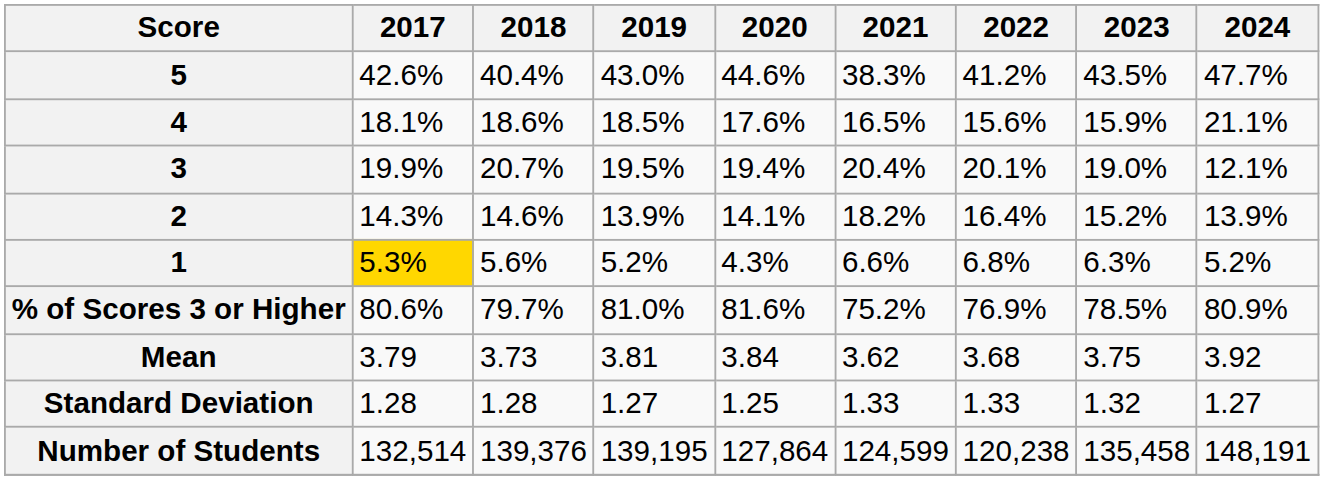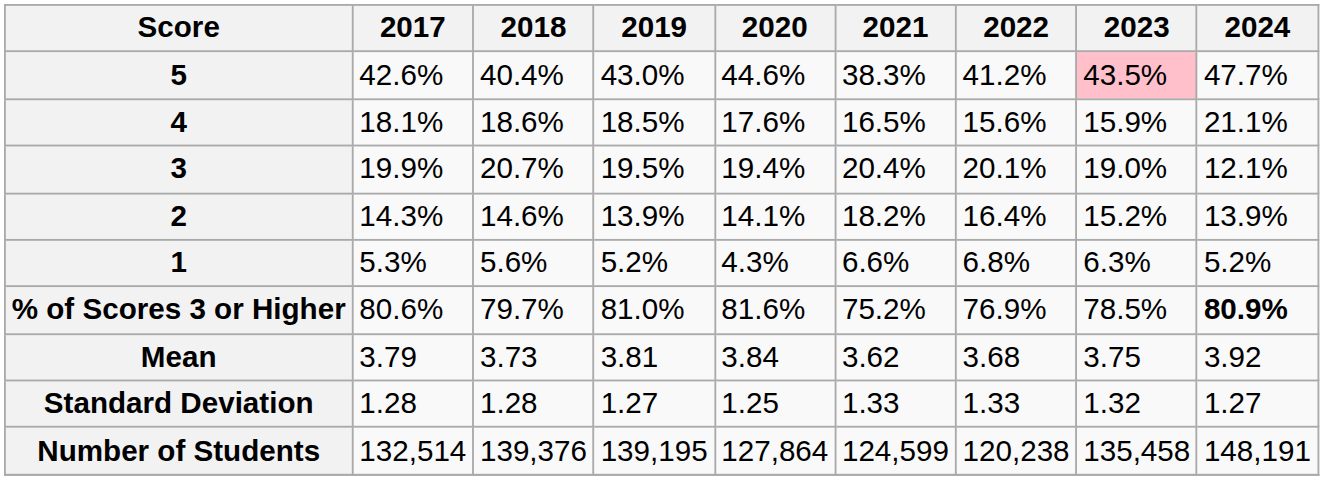 <table class="wikitable" border="1">
 <tr>
 <th>Score</th>
 <th>2017</th>
 <th>2018</th>
 <th>2019</th>
 <th>2020</th>
 <th>2021</th>
 <th>2022</th>
 <th>2023</th>
 <th>2024</th>
 </tr>
 <tr>
 <th>5</th>
 <td>42.6%</td>
 <td>40.4%</td>
 <td>43.0%</td>
 <td>44.6%</td>
 <td>38.3%</td>
 <td>41.2%</td>
-<td>43.5%</td>
+<td style="background: pink;">43.5%</td>
 <td>47.7%</td>
 </tr>
 <tr>
 <th>4</th>
 <td>18.1%</td>
 <td>18.6%</td>
 <td>18.5%</td>
 <td>17.6%</td>
 <td>16.5%</td>
 <td>15.6%</td>
 <td>15.9%</td>
 <td>21.1%</td>
 </tr>
 <tr>
 <th>3</th>
 <td>19.9%</td>
 <td>20.7%</td>
 <td>19.5%</td>
 <td>19.4%</td>
 <td>20.4%</td>
 <td>20.1%</td>
 <td>19.0%</td>
 <td>12.1%</td>
 </tr>
 <tr>
 <th>2</th>
 <td>14.3%</td>
 <td>14.6%</td>
 <td>13.9%</td>
 <td>14.1%</td>
 <td>18.2%</td>
 <td>16.4%</td>
 <td>15.2%</td>
 <td>13.9%</td>
 </tr>
 <tr>
 <th>1</th>
-<td style="background: gold;">5.3%</td>
+<td>5.3%</td>
 <td>5.6%</td>
 <td>5.2%</td>
 <td>4.3%</td>
 <td>6.6%</td>
 <td>6.8%</td>
 <td>6.3%</td>
 <td>5.2%</td>
 </tr>
 <tr>
 <th>% of Scores 3 or Higher</th>
 <td>80.6%</td>
 <td>79.7%</td>
 <td>81.0%</td>
 <td>81.6%</td>
 <td>75.2%</td>
 <td>76.9%</td>
 <td>78.5%</td>
-<td>80.9%</td>
+<td><strong>80.9%</strong></td>
 </tr>
 <tr>
 <th>Mean</th>
 <td>3.79</td>
 <td>3.73</td>
 <td>3.81</td>
 <td>3.84</td>
 <td>3.62</td>
 <td>3.68</td>
 <td>3.75</td>
 <td>3.92</td>
 </tr>
 <tr>
 <th>Standard Deviation</th>
 <td>1.28</td>
 <td>1.28</td>
 <td>1.27</td>
 <td>1.25</td>
 <td>1.33</td>
 <td>1.33</td>
 <td>1.32</td>
 <td>1.27</td>
 </tr>
 <tr>
 <th>Number of Students</th>
 <td>132,514</td>
 <td>139,376</td>
 <td>139,195</td>
 <td>127,864</td>
 <td>124,599</td>
 <td>120,238</td>
 <td>135,458</td>
 <td>148,191</td>
 </tr>
 <tr>
 </tr>
 </table>
